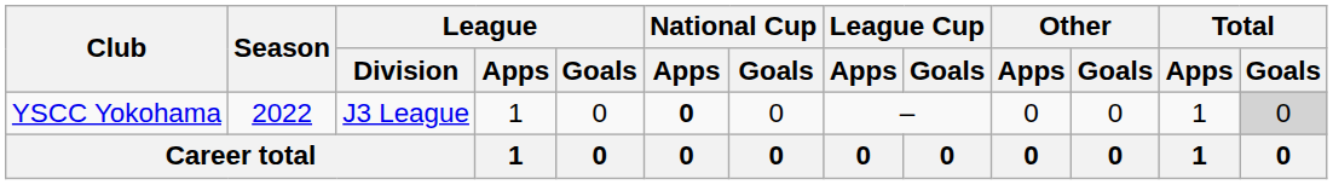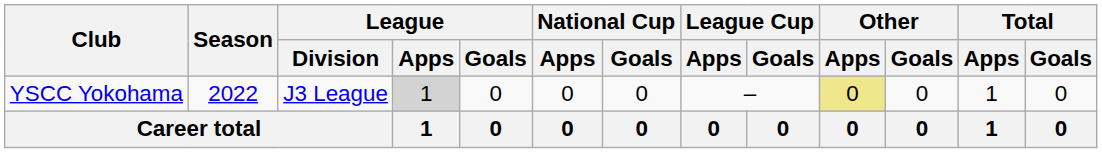 <table class="wikitable" style="text-align: center">
 <tr>
 <th rowspan="2">Club</th>
 <th rowspan="2">Season</th>
 <th colspan="3">League</th>
 <th colspan="2">National Cup</th>
 <th colspan="2">League Cup</th>
 <th colspan="2">Other</th>
 <th colspan="2">Total</th>
 </tr>
 <tr>
 <th>Division</th>
 <th>Apps</th>
 <th>Goals</th>
 <th>Apps</th>
 <th>Goals</th>
 <th>Apps</th>
 <th>Goals</th>
 <th>Apps</th>
 <th>Goals</th>
 <th>Apps</th>
 <th>Goals</th>
 </tr>
 <tr>
 <td><a href='#'>YSCC Yokohama</a></td>
 <td><a href='#'>2022</a></td>
 <td><a href='#'>J3 League</a></td>
+<td style="background: lightgrey;">1</td>
+<td>0</td>
+<td>0</td>
+<td>0</td>
+<td colspan="2">–</td>
+<td style="background: khaki;">0</td>
+<td>0</td>
 <td>1</td>
 <td>0</td>
-<td><strong>0</strong></td>
-<td>0</td>
-<td colspan="2">–</td>
-<td>0</td>
-<td>0</td>
-<td>1</td>
-<td style="background: lightgrey;">0</td>
 </tr>
 <tr>
 <th colspan=3>Career total</th>
 <th>1</th>
 <th>0</th>
 <th>0</th>
 <th>0</th>
 <th>0</th>
 <th>0</th>
 <th>0</th>
 <th>0</th>
 <th>1</th>
 <th>0</th>
 </tr>
 </table>
